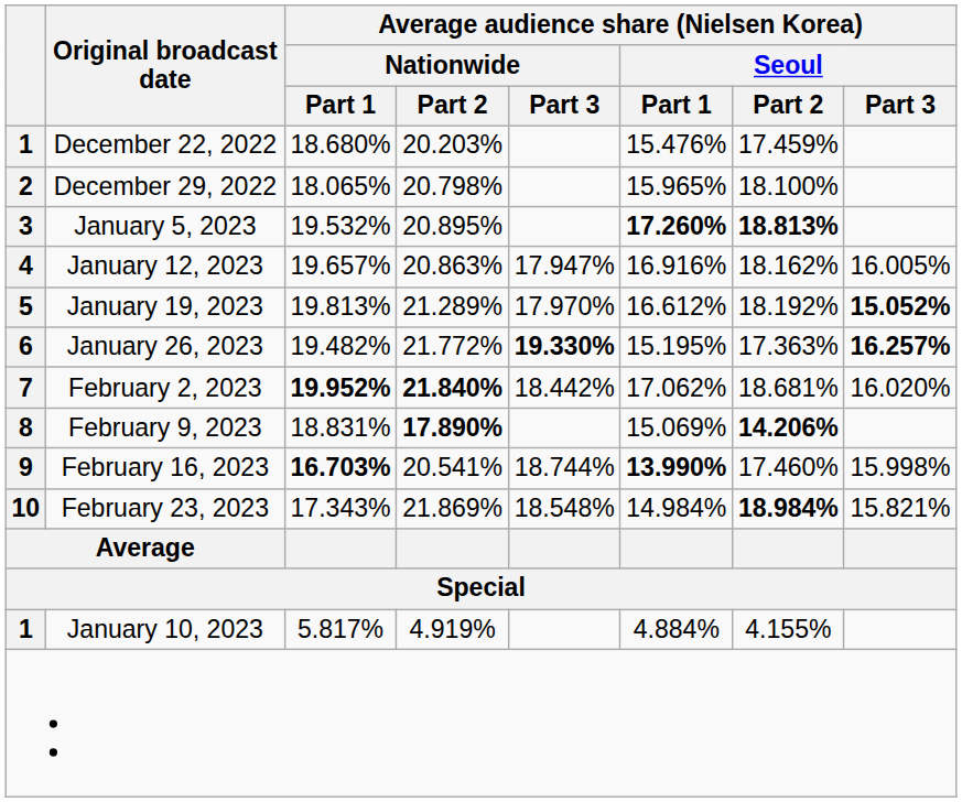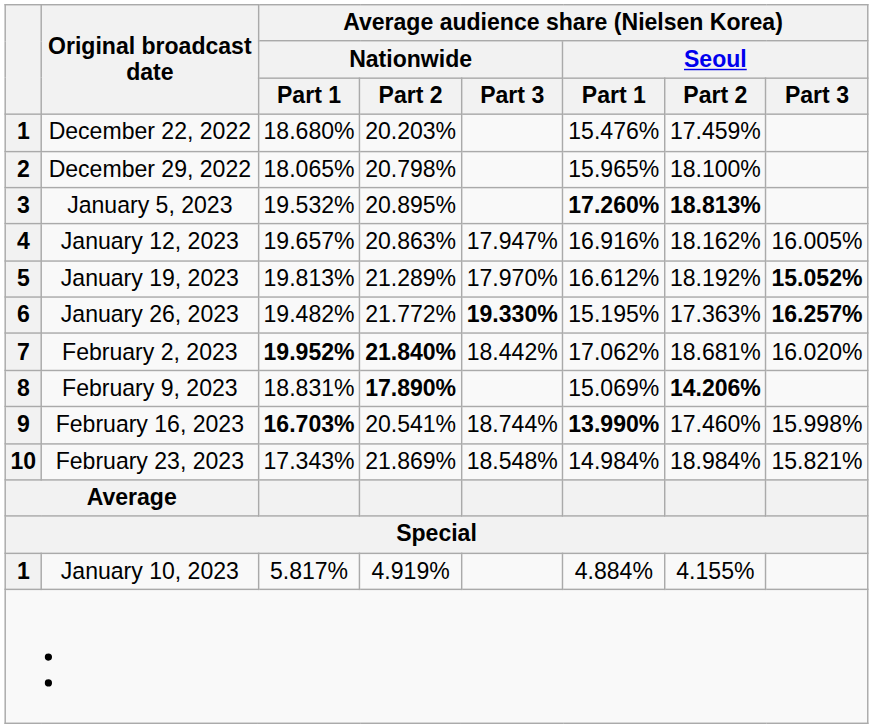 <table class="wikitable" style="text-align:center;max-width:600px; margin-left: auto; margin-right: auto; border: none;">
 <tr>
 <th rowspan=3></th>
 <th rowspan=3>Original broadcast date</th>
 <th colspan=6>Average audience share (Nielsen Korea)</th>
 </tr>
 <tr>
 <th colspan=3>Nationwide</th>
 <th colspan=3><a href='#'>Seoul</a></th>
 </tr>
 <tr>
 <th>Part 1</th>
 <th>Part 2</th>
 <th>Part 3</th>
 <th>Part 1</th>
 <th>Part 2</th>
 <th>Part 3</th>
 </tr>
 <tr>
 <th>1</th>
 <td>December 22, 2022</td>
 <td>18.680%</td>
 <td>20.203%</td>
 <td></td>
 <td>15.476%</td>
 <td>17.459%</td>
 <td></td>
 </tr>
 <tr>
 <th>2</th>
 <td>December 29, 2022</td>
 <td>18.065%</td>
 <td>20.798%</td>
 <td></td>
 <td>15.965%</td>
 <td>18.100%</td>
 <td></td>
 </tr>
 <tr>
 <th>3</th>
 <td>January 5, 2023</td>
 <td>19.532%</td>
 <td>20.895%</td>
 <td></td>
 <td><span><strong>17.260%</strong></span></td>
 <td><span><strong>18.813%</strong></span></td>
 <td></td>
 </tr>
 <tr>
 <th>4</th>
 <td>January 12, 2023</td>
 <td>19.657%</td>
 <td>20.863%</td>
 <td>17.947%</td>
 <td>16.916%</td>
 <td>18.162%</td>
 <td>16.005%</td>
 </tr>
 <tr>
 <th>5</th>
 <td>January 19, 2023</td>
 <td>19.813%</td>
 <td>21.289%</td>
 <td>17.970%</td>
 <td>16.612%</td>
 <td>18.192%</td>
 <td><span><strong>15.052%</strong></span></td>
 </tr>
 <tr>
 <th>6</th>
 <td>January 26, 2023</td>
 <td>19.482%</td>
 <td>21.772%</td>
 <td><span><strong>19.330%</strong></span></td>
 <td>15.195%</td>
 <td>17.363%</td>
 <td><span><strong>16.257%</strong></span></td>
 </tr>
 <tr>
 <th>7</th>
 <td>February 2, 2023</td>
 <td><span><strong>19.952%</strong></span></td>
 <td><span><strong>21.840%</strong></span></td>
 <td>18.442%</td>
 <td>17.062%</td>
 <td>18.681%</td>
 <td>16.020%</td>
 </tr>
 <tr>
 <th>8</th>
 <td>February 9, 2023</td>
 <td>18.831%</td>
 <td><span><strong>17.890%</strong></span></td>
 <td></td>
 <td>15.069%</td>
 <td><span><strong>14.206%</strong></span></td>
 <td></td>
 </tr>
 <tr>
 <th>9</th>
 <td>February 16, 2023</td>
 <td><span><strong>16.703%</strong></span></td>
 <td>20.541%</td>
 <td>18.744%</td>
 <td><span><strong>13.990%</strong></span></td>
 <td>17.460%</td>
 <td>15.998%</td>
 </tr>
 <tr>
 <th>10</th>
 <td>February 23, 2023</td>
 <td>17.343%</td>
 <td>21.869%</td>
 <td>18.548%</td>
 <td>14.984%</td>
-<td><strong>18.984%</strong></td>
+<td>18.984%</td>
 <td>15.821%</td>
 </tr>
 <tr>
 <th colspan=2>Average</th>
 <th></th>
 <th></th>
 <th></th>
 <th></th>
 <th></th>
 <th></th>
 </tr>
 <tr>
 <th colspan=8>Special</th>
 </tr>
 <tr>
 <th>1</th>
 <td>January 10, 2023</td>
 <td>5.817%</td>
 <td>4.919%</td>
 <td></td>
 <td>4.884%</td>
 <td>4.155%</td>
 <td></td>
 </tr>
 <tr>
 <td colspan=8><br><ul><li></li><li></li></ul></td>
 </tr>
 </table>
